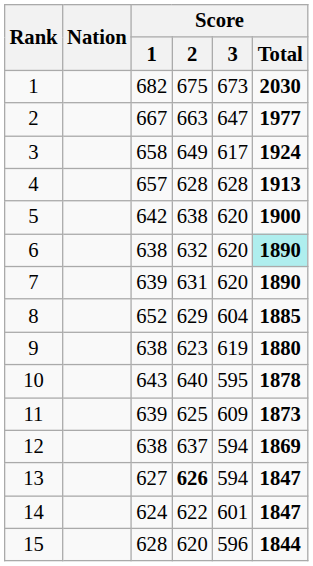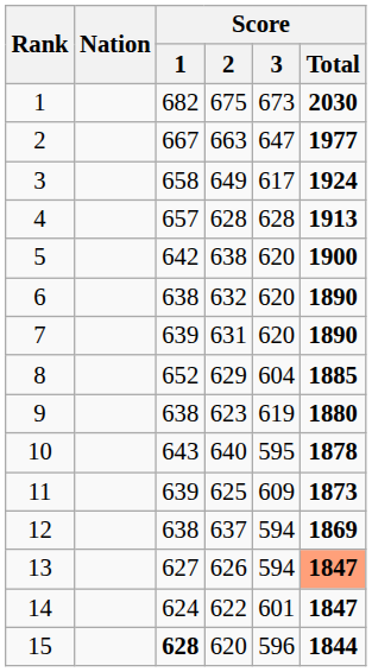 <table class="wikitable sortable" style="text-align:center">
 <tr>
 <th rowspan=2>Rank</th>
 <th rowspan=2>Nation</th>
 <th colspan=4>Score</th>
 </tr>
 <tr>
 <th>1</th>
 <th>2</th>
 <th>3</th>
 <th>Total</th>
 </tr>
 <tr>
 <td>1</td>
 <td align=left></td>
 <td>682</td>
 <td>675</td>
 <td>673</td>
 <td><strong>2030</strong></td>
 </tr>
 <tr>
 <td>2</td>
 <td align=left></td>
 <td>667</td>
 <td>663</td>
 <td>647</td>
 <td><strong>1977</strong></td>
 </tr>
 <tr>
 <td>3</td>
 <td align=left></td>
 <td>658</td>
 <td>649</td>
 <td>617</td>
 <td><strong>1924</strong></td>
 </tr>
 <tr>
 <td>4</td>
 <td align=left></td>
 <td>657</td>
 <td>628</td>
 <td>628</td>
 <td><strong>1913</strong></td>
 </tr>
 <tr>
 <td>5</td>
 <td align=left></td>
 <td>642</td>
 <td>638</td>
 <td>620</td>
 <td><strong>1900</strong></td>
 </tr>
 <tr>
 <td>6</td>
 <td align=left></td>
 <td>638</td>
 <td>632</td>
 <td>620</td>
-<td style="background: paleturquoise;"><strong>1890</strong></td>
+<td><strong>1890</strong></td>
 </tr>
 <tr>
 <td>7</td>
 <td align=left></td>
 <td>639</td>
 <td>631</td>
 <td>620</td>
 <td><strong>1890</strong></td>
 </tr>
 <tr>
 <td>8</td>
 <td align=left></td>
 <td>652</td>
 <td>629</td>
 <td>604</td>
 <td><strong>1885</strong></td>
 </tr>
 <tr>
 <td>9</td>
 <td align=left></td>
 <td>638</td>
 <td>623</td>
 <td>619</td>
 <td><strong>1880</strong></td>
 </tr>
 <tr>
 <td>10</td>
 <td align=left></td>
 <td>643</td>
 <td>640</td>
 <td>595</td>
 <td><strong>1878</strong></td>
 </tr>
 <tr>
 <td>11</td>
 <td align=left></td>
 <td>639</td>
 <td>625</td>
 <td>609</td>
 <td><strong>1873</strong></td>
 </tr>
 <tr>
 <td>12</td>
 <td align=left></td>
 <td>638</td>
 <td>637</td>
 <td>594</td>
 <td><strong>1869</strong></td>
 </tr>
 <tr>
 <td>13</td>
 <td align=left></td>
 <td>627</td>
-<td><strong>626</strong></td>
+<td>626</td>
 <td>594</td>
-<td><strong>1847</strong></td>
+<td style="background: lightsalmon;"><strong>1847</strong></td>
 </tr>
 <tr>
 <td>14</td>
 <td align=left></td>
 <td>624</td>
 <td>622</td>
 <td>601</td>
 <td><strong>1847</strong></td>
 </tr>
 <tr>
 <td>15</td>
 <td align=left></td>
-<td>628</td>
+<td><strong>628</strong></td>
 <td>620</td>
 <td>596</td>
 <td><strong>1844</strong></td>
 </tr>
 </table>
